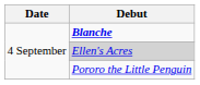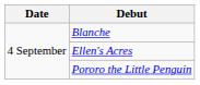 <table class="wikitable">
 <tr>
 <th>Date</th>
 <th>Debut</th>
 </tr>
 <tr>
 <td rowspan=3>4 September</td>
-<td><strong><em><a href='#'>Blanche</a></em></strong></td>
+<td><em><a href='#'>Blanche</a></em></td>
 </tr>
 <tr>
-<td style="background: lightgrey;"><em><a href='#'>Ellen's Acres</a></em></td>
+<td><em><a href='#'>Ellen's Acres</a></em></td>
 </tr>
 <tr>
 <td><em><a href='#'>Pororo the Little Penguin</a></em></td>
 </tr>
 </table>
